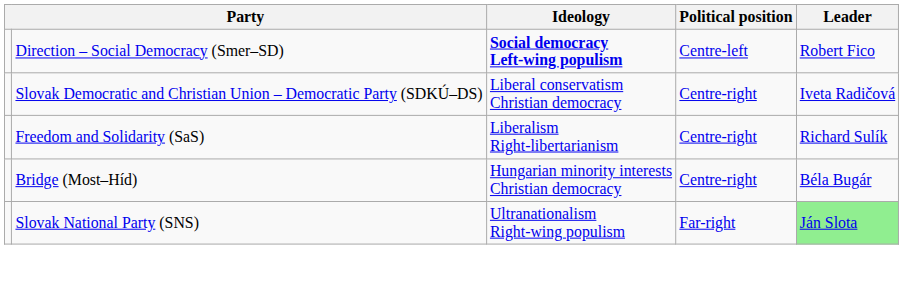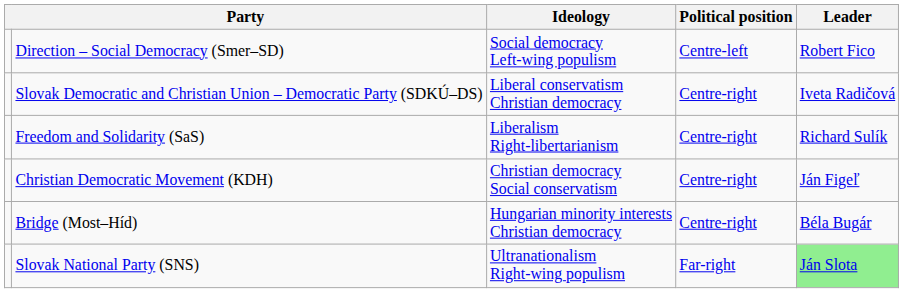 <table class="wikitable">
 <tr>
 <th colspan="2">Party</th>
 <th>Ideology</th>
 <th>Political position</th>
 <th>Leader</th>
 </tr>
 <tr>
 <td style="background:"></td>
 <td><a href='#'>Direction – Social Democracy</a> (Smer–SD)</td>
-<td><strong><a href='#'>Social democracy</a><br><a href='#'>Left-wing populism</a></strong></td>
+<td><a href='#'>Social democracy</a><br><a href='#'>Left-wing populism</a></td>
 <td><a href='#'>Centre-left</a></td>
 <td><a href='#'>Robert Fico</a></td>
 </tr>
 <tr>
 <td style="background:"></td>
 <td><a href='#'>Slovak Democratic and Christian Union – Democratic Party</a> (SDKÚ–DS)</td>
 <td><a href='#'>Liberal conservatism</a><br><a href='#'>Christian democracy</a></td>
 <td><a href='#'>Centre-right</a></td>
 <td><a href='#'>Iveta Radičová</a></td>
 </tr>
 <tr>
 <td style="background:"></td>
 <td><a href='#'>Freedom and Solidarity</a> (SaS)</td>
 <td><a href='#'>Liberalism</a><br><a href='#'>Right-libertarianism</a></td>
 <td><a href='#'>Centre-right</a></td>
 <td><a href='#'>Richard Sulík</a></td>
 </tr>
 <tr>
 <td style="background:"></td>
+<td><a href='#'>Christian Democratic Movement</a> (KDH)</td>
+<td><a href='#'>Christian democracy</a><br><a href='#'>Social conservatism</a></td>
+<td><a href='#'>Centre-right</a></td>
+<td><a href='#'>Ján Figeľ</a></td>
+</tr>
+<tr>
+<td style="background:"></td>
 <td><a href='#'>Bridge</a> (Most–Híd)</td>
 <td><a href='#'>Hungarian minority interests</a><br><a href='#'>Christian democracy</a></td>
 <td><a href='#'>Centre-right</a></td>
 <td><a href='#'>Béla Bugár</a></td>
 </tr>
 <tr>
 <td style="background:"></td>
 <td><a href='#'>Slovak National Party</a> (SNS)</td>
 <td><a href='#'>Ultranationalism</a><br><a href='#'>Right-wing populism</a></td>
 <td><a href='#'>Far-right</a></td>
 <td style="background: lightgreen;"><a href='#'>Ján Slota</a></td>
 </tr>
 </table>
